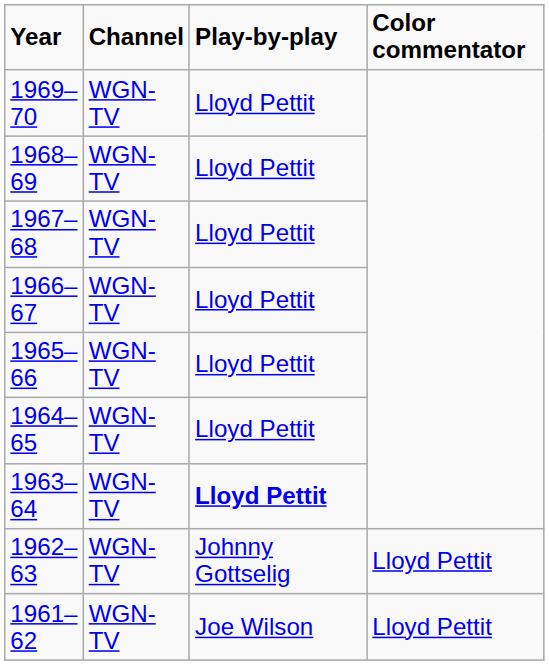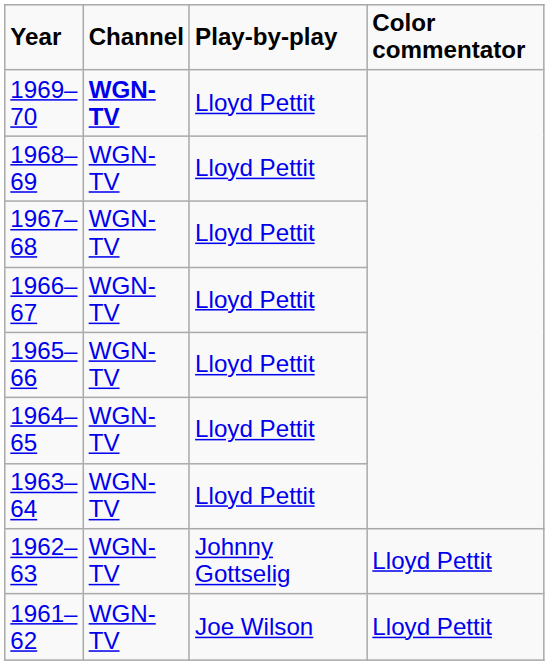 <table class="wikitable">
 <tr>
 <td width="40"><strong>Year</strong></td>
 <td width="40"><strong>Channel</strong></td>
 <td width="110"><strong>Play-by-play</strong></td>
 <td width="110"><strong>Color commentator</strong></td>
 </tr>
 <tr>
 <td><a href='#'>1969–70</a></td>
-<td><a href='#'>WGN-TV</a></td>
+<td><strong><a href='#'>WGN-TV</a></strong></td>
 <td><a href='#'>Lloyd Pettit</a></td>
 </tr>
 <tr>
 <td><a href='#'>1968–69</a></td>
 <td><a href='#'>WGN-TV</a></td>
 <td><a href='#'>Lloyd Pettit</a></td>
 </tr>
 <tr>
 <td><a href='#'>1967–68</a></td>
 <td><a href='#'>WGN-TV</a></td>
 <td><a href='#'>Lloyd Pettit</a></td>
 </tr>
 <tr>
 <td><a href='#'>1966–67</a></td>
 <td><a href='#'>WGN-TV</a></td>
 <td><a href='#'>Lloyd Pettit</a></td>
 </tr>
 <tr>
 <td><a href='#'>1965–66</a></td>
 <td><a href='#'>WGN-TV</a></td>
 <td><a href='#'>Lloyd Pettit</a></td>
 </tr>
 <tr>
 <td><a href='#'>1964–65</a></td>
 <td><a href='#'>WGN-TV</a></td>
 <td><a href='#'>Lloyd Pettit</a></td>
 </tr>
 <tr>
 <td><a href='#'>1963–64</a></td>
 <td><a href='#'>WGN-TV</a></td>
-<td><strong><a href='#'>Lloyd Pettit</a></strong></td>
+<td><a href='#'>Lloyd Pettit</a></td>
 </tr>
 <tr>
 <td><a href='#'>1962–63</a></td>
 <td><a href='#'>WGN-TV</a></td>
 <td><a href='#'>Johnny Gottselig</a></td>
 <td><a href='#'>Lloyd Pettit</a></td>
 </tr>
 <tr>
 <td><a href='#'>1961–62</a></td>
 <td><a href='#'>WGN-TV</a></td>
 <td><a href='#'>Joe Wilson</a></td>
 <td><a href='#'>Lloyd Pettit</a></td>
 </tr>
 </table>
